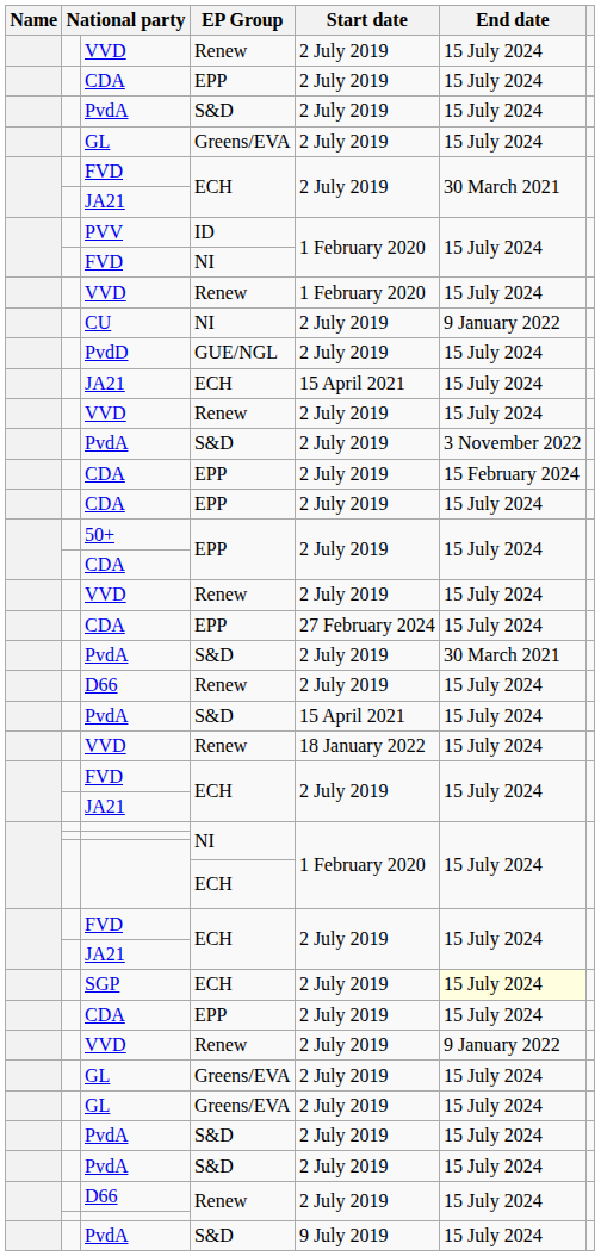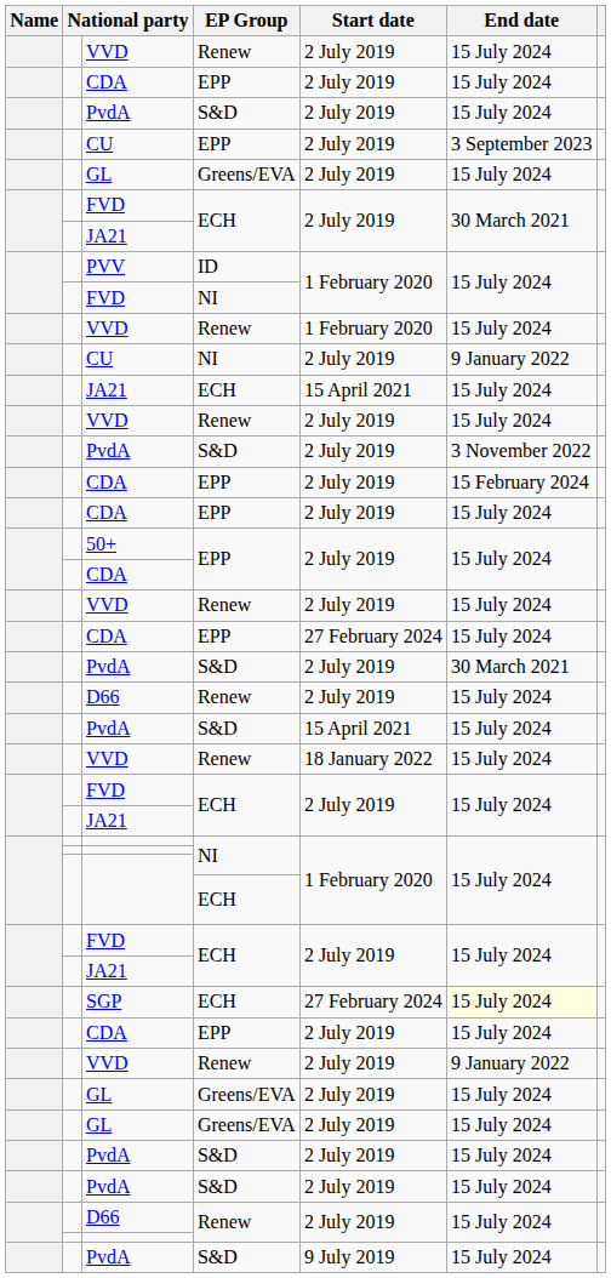 <table class="wikitable sortable">
 <tr>
 <th scope="col">Name</th>
 <th scope="colgroup" colspan="2">National party</th>
 <th scope="col">EP Group</th>
 <th scope="col">Start date</th>
 <th scope="col">End date</th>
 <th scope="col" class="unsortable"></th>
 </tr>
 <tr>
 <th scope="row"></th>
 <td style="background-color:"></td>
 <td><a href='#'>VVD</a></td>
 <td>Renew</td>
 <td>2 July 2019</td>
 <td>15 July 2024</td>
 <td></td>
 </tr>
 <tr>
 <th scope="row"></th>
 <td style="background-color:"></td>
 <td><a href='#'>CDA</a></td>
 <td>EPP</td>
 <td>2 July 2019</td>
 <td>15 July 2024</td>
 <td></td>
 </tr>
 <tr>
 <th scope="row"></th>
 <td style="background-color:"></td>
 <td><a href='#'>PvdA</a></td>
 <td>S&D</td>
 <td>2 July 2019</td>
 <td>15 July 2024</td>
+<td></td>
+</tr>
+<tr>
+<th scope="row"></th>
+<td style="background-color:"></td>
+<td><a href='#'>CU</a></td>
+<td>EPP</td>
+<td>2 July 2019</td>
+<td>3 September 2023</td>
 <td></td>
 </tr>
 <tr>
 <th scope="row"></th>
 <td style="background-color:"></td>
 <td><a href='#'>GL</a></td>
 <td>Greens/EVA</td>
 <td>2 July 2019</td>
 <td>15 July 2024</td>
 <td></td>
 </tr>
 <tr>
 <th rowspan="2" scope="rowgroup"></th>
 <td style="background-color:"></td>
 <td><a href='#'>FVD</a></td>
 <td rowspan="2">ECH</td>
 <td rowspan="2">2 July 2019</td>
 <td rowspan="2">30 March 2021</td>
 <td rowspan="2"></td>
 </tr>
 <tr>
 <td style="background-color:"></td>
 <td><a href='#'>JA21</a></td>
 </tr>
 <tr>
 <th scope="rowgroup" rowspan="3"></th>
 <td style="background-color:"></td>
 <td><a href='#'>PVV</a></td>
 <td rowspan="2">ID</td>
 <td rowspan="3">1 February 2020</td>
 <td rowspan="3">15 July 2024</td>
 <td rowspan="3"></td>
 </tr>
 <tr>
 <td rowspan="2" style="background-color:"></td>
 <td rowspan="2"><a href='#'>FVD</a></td>
 </tr>
 <tr>
 <td>NI</td>
 </tr>
 <tr>
 <th scope="row"></th>
 <td style="background-color:"></td>
 <td><a href='#'>VVD</a></td>
 <td>Renew</td>
 <td>1 February 2020</td>
 <td>15 July 2024</td>
 <td></td>
 </tr>
 <tr>
 <th scope="row"></th>
 <td style="background-color:"></td>
 <td><a href='#'>CU</a></td>
 <td>NI</td>
 <td>2 July 2019</td>
 <td>9 January 2022</td>
-<td></td>
-</tr>
-<tr>
-<th scope="row"></th>
-<td style="background-color:"></td>
-<td><a href='#'>PvdD</a></td>
-<td>GUE/NGL</td>
-<td>2 July 2019</td>
-<td>15 July 2024</td>
 <td></td>
 </tr>
 <tr>
 <th scope="row"></th>
 <td style="background-color:"></td>
 <td><a href='#'>JA21</a></td>
 <td>ECH</td>
 <td>15 April 2021</td>
 <td>15 July 2024</td>
 <td></td>
 </tr>
 <tr>
 <th scope="row"></th>
 <td style="background-color:"></td>
 <td><a href='#'>VVD</a></td>
 <td>Renew</td>
 <td>2 July 2019</td>
 <td>15 July 2024</td>
 <td></td>
 </tr>
 <tr>
 <th scope="row"></th>
 <td style="background-color:"></td>
 <td><a href='#'>PvdA</a></td>
 <td>S&D</td>
 <td>2 July 2019</td>
 <td>3 November 2022</td>
 <td></td>
 </tr>
 <tr>
 <th scope="row"></th>
 <td style="background-color:"></td>
 <td><a href='#'>CDA</a></td>
 <td>EPP</td>
 <td>2 July 2019</td>
 <td>15 February 2024</td>
 <td></td>
 </tr>
 <tr>
 <th scope="row"></th>
 <td style="background-color:"></td>
 <td><a href='#'>CDA</a></td>
 <td>EPP</td>
 <td>2 July 2019</td>
 <td>15 July 2024</td>
 <td></td>
 </tr>
 <tr>
 <th rowspan="2" scope="rowgroup"></th>
 <td style="background-color:"></td>
 <td><a href='#'>50+</a></td>
 <td rowspan="2">EPP</td>
 <td rowspan="2">2 July 2019</td>
 <td rowspan="2">15 July 2024</td>
 <td rowspan="2"></td>
 </tr>
 <tr>
 <td style="background-color:"></td>
 <td><a href='#'>CDA</a></td>
 </tr>
 <tr>
 <th scope="row"></th>
 <td style="background-color:"></td>
 <td><a href='#'>VVD</a></td>
 <td>Renew</td>
 <td>2 July 2019</td>
 <td>15 July 2024</td>
 <td></td>
 </tr>
 <tr>
 <th scope="row"></th>
 <td style="background-color:"></td>
 <td><a href='#'>CDA</a></td>
 <td>EPP</td>
 <td>27 February 2024</td>
 <td>15 July 2024</td>
 <td></td>
 </tr>
 <tr>
 <th scope="row"></th>
 <td style="background-color:"></td>
 <td><a href='#'>PvdA</a></td>
 <td>S&D</td>
 <td>2 July 2019</td>
 <td>30 March 2021</td>
 <td></td>
 </tr>
 <tr>
 <th scope="row"></th>
 <td style="background-color:"></td>
 <td><a href='#'>D66</a></td>
 <td>Renew</td>
 <td>2 July 2019</td>
 <td>15 July 2024</td>
 <td></td>
 </tr>
 <tr>
 <th scope="row"></th>
 <td style="background-color:"></td>
 <td><a href='#'>PvdA</a></td>
 <td>S&D</td>
 <td>15 April 2021</td>
 <td>15 July 2024</td>
 <td></td>
 </tr>
 <tr>
 <th scope="row"></th>
 <td style="background-color:"></td>
 <td><a href='#'>VVD</a></td>
 <td>Renew</td>
 <td>18 January 2022</td>
 <td>15 July 2024</td>
 <td></td>
 </tr>
 <tr>
 <th rowspan="2" scope="rowgroup"></th>
 <td style="background-color:"></td>
 <td><a href='#'>FVD</a></td>
 <td rowspan="2">ECH</td>
 <td rowspan="2">2 July 2019</td>
 <td rowspan="2">15 July 2024</td>
 <td rowspan="2"></td>
 </tr>
 <tr>
 <td style="background-color:"></td>
 <td><a href='#'>JA21</a></td>
 </tr>
 <tr>
 <th rowspan="4" scope="rowgroup"></th>
 <td style="background-color:"></td>
 <td></td>
 <td rowspan="3">NI</td>
 <td rowspan="4">1 February 2020</td>
 <td rowspan="4">15 July 2024</td>
 <td rowspan="4"></td>
 </tr>
 <tr>
 <td style="background-color:"></td>
 <td></td>
 </tr>
 <tr>
 <td rowspan="2" style="background-color:"></td>
 <td rowspan="2" style="line-height:1.067"> <br><br> </td>
 </tr>
 <tr>
 <td>ECH</td>
 </tr>
 <tr>
 <th rowspan="2" scope="rowgroup"></th>
 <td style="background-color:"></td>
 <td><a href='#'>FVD</a></td>
 <td rowspan="2">ECH</td>
 <td rowspan="2">2 July 2019</td>
 <td rowspan="2">15 July 2024</td>
 <td rowspan="2"></td>
 </tr>
 <tr>
 <td style="background-color:"></td>
 <td><a href='#'>JA21</a></td>
 </tr>
 <tr>
 <th scope="row"></th>
 <td style="background-color:"></td>
 <td><a href='#'>SGP</a></td>
 <td>ECH</td>
-<td>2 July 2019</td>
+<td>27 February 2024</td>
 <td style="background: lightyellow;">15 July 2024</td>
 <td></td>
 </tr>
 <tr>
 <th scope="row"></th>
 <td style="background-color:"></td>
 <td><a href='#'>CDA</a></td>
 <td>EPP</td>
 <td>2 July 2019</td>
 <td>15 July 2024</td>
 <td></td>
 </tr>
 <tr>
 <th scope="row"></th>
 <td style="background-color:"></td>
 <td><a href='#'>VVD</a></td>
 <td>Renew</td>
 <td>2 July 2019</td>
 <td>9 January 2022</td>
 <td></td>
 </tr>
 <tr>
 <th scope="row"></th>
 <td style="background-color:"></td>
 <td><a href='#'>GL</a></td>
 <td>Greens/EVA</td>
 <td>2 July 2019</td>
 <td>15 July 2024</td>
 <td></td>
 </tr>
 <tr>
 <th scope="row"></th>
 <td style="background-color:"></td>
 <td><a href='#'>GL</a></td>
 <td>Greens/EVA</td>
 <td>2 July 2019</td>
 <td>15 July 2024</td>
 <td></td>
 </tr>
 <tr>
 <th scope="row"></th>
 <td style="background-color:"></td>
 <td><a href='#'>PvdA</a></td>
 <td>S&D</td>
 <td>2 July 2019</td>
 <td>15 July 2024</td>
 <td></td>
 </tr>
 <tr>
 <th scope="row"></th>
 <td style="background-color:"></td>
 <td><a href='#'>PvdA</a></td>
 <td>S&D</td>
 <td>2 July 2019</td>
 <td>15 July 2024</td>
 <td></td>
 </tr>
 <tr>
 <th rowspan="2" scope="rowgroup"></th>
 <td style="background-color:"></td>
 <td><a href='#'>D66</a></td>
 <td rowspan="2">Renew</td>
 <td rowspan="2">2 July 2019</td>
 <td rowspan="2">15 July 2024</td>
 <td rowspan="2"></td>
 </tr>
 <tr>
 <td style="background-color:"></td>
 <td></td>
 </tr>
 <tr>
 <th scope="row"></th>
 <td style="background-color:"></td>
 <td><a href='#'>PvdA</a></td>
 <td>S&D</td>
 <td>9 July 2019</td>
 <td>15 July 2024</td>
 <td></td>
 </tr>
 </table>
